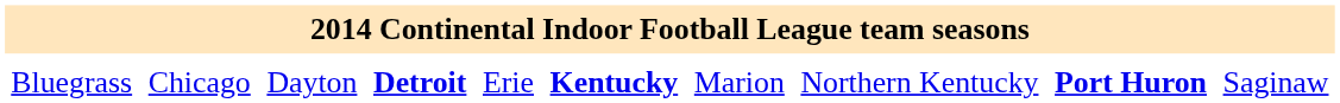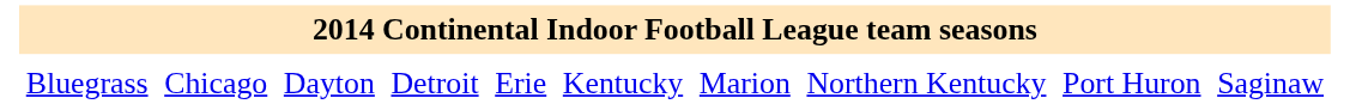 <table cellspacing="2" cellpadding="3" class="toccolours" style="font-size: 95%; margin: auto; text-align: center;">
 <tr>
 <th colspan="10" style="background-color: #FFE6BD;"><strong>2014 Continental Indoor Football League team seasons</strong></th>
 </tr>
 <tr>
 <td style=><a href='#'>Bluegrass</a></td>
 <td style=><a href='#'>Chicago</a></td>
 <td style=><a href='#'>Dayton</a></td>
-<td style=><strong><a href='#'>Detroit</a></strong></td>
+<td style=><a href='#'>Detroit</a></td>
 <td style=><a href='#'>Erie</a></td>
-<td style=><strong><a href='#'>Kentucky</a></strong></td>
+<td style=><a href='#'>Kentucky</a></td>
 <td style=><a href='#'>Marion</a></td>
 <td style=><a href='#'>Northern Kentucky</a></td>
-<td style=><strong><a href='#'>Port Huron</a></strong></td>
+<td style=><a href='#'>Port Huron</a></td>
 <td style=><a href='#'>Saginaw</a></td>
 </tr>
 <tr>
 </tr>
 </table>
